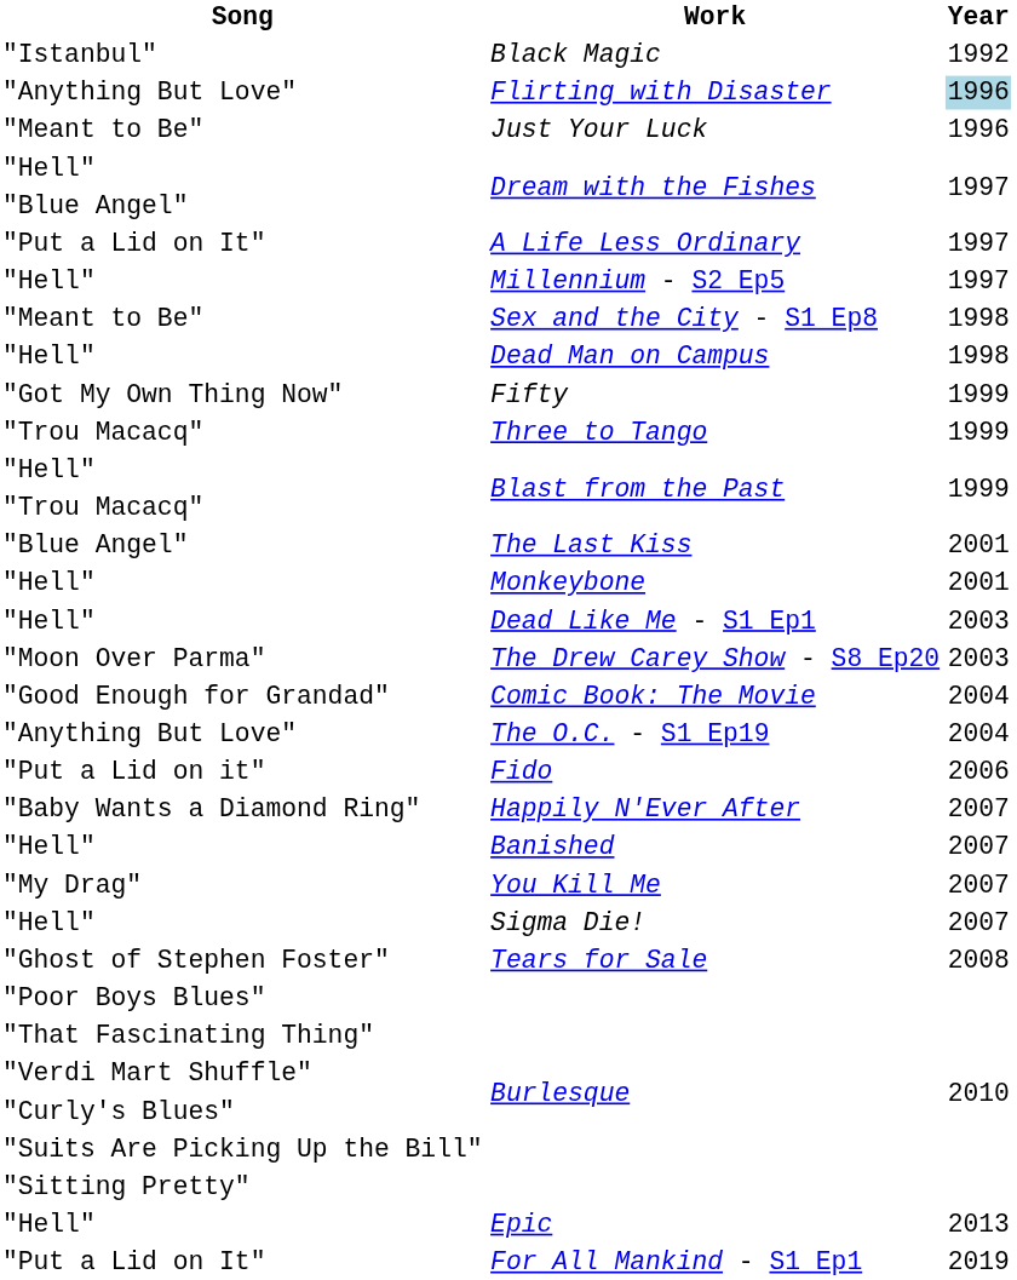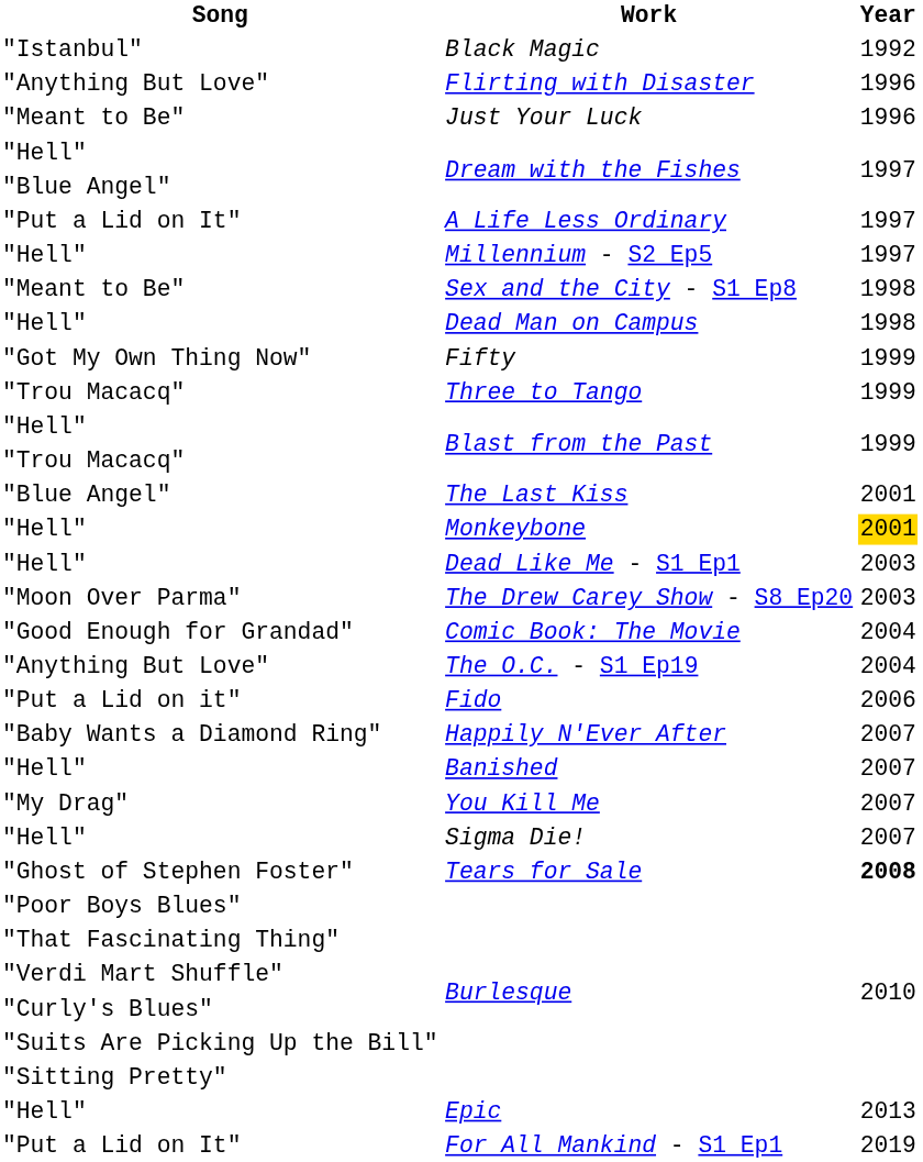 <table>
 <tr>
 <th>Song</th>
 <th>Work</th>
 <th>Year</th>
 </tr>
 <tr>
 <td>"Istanbul"</td>
 <td><em>Black Magic</em></td>
 <td>1992</td>
 </tr>
 <tr>
 <td>"Anything But Love"</td>
 <td><em><a href='#'>Flirting with Disaster</a></em></td>
-<td style="background: lightblue;">1996</td>
+<td>1996</td>
 </tr>
 <tr>
 <td>"Meant to Be"</td>
 <td><em>Just Your Luck</em></td>
 <td>1996</td>
 </tr>
 <tr>
 <td>"Hell"</td>
 <td rowspan=2><em><a href='#'>Dream with the Fishes</a></em></td>
 <td rowspan=2>1997</td>
 </tr>
 <tr>
 <td>"Blue Angel"</td>
 </tr>
 <tr>
 <td>"Put a Lid on It"</td>
 <td><em><a href='#'>A Life Less Ordinary</a></em></td>
 <td>1997</td>
 </tr>
 <tr>
 <td>"Hell"</td>
 <td><em><a href='#'>Millennium</a></em> - <a href='#'>S2 Ep5</a></td>
 <td>1997</td>
 </tr>
 <tr>
 <td>"Meant to Be"</td>
 <td><em><a href='#'>Sex and the City</a></em> - <a href='#'>S1 Ep8</a></td>
 <td>1998</td>
 </tr>
 <tr>
 <td>"Hell"</td>
 <td><em><a href='#'>Dead Man on Campus</a></em></td>
 <td>1998</td>
 </tr>
 <tr>
 <td>"Got My Own Thing Now"</td>
 <td><em>Fifty</em></td>
 <td>1999</td>
 </tr>
 <tr>
 <td>"Trou Macacq"</td>
 <td><em><a href='#'>Three to Tango</a></em></td>
 <td>1999</td>
 </tr>
 <tr>
 <td>"Hell"</td>
 <td rowspan=2><em><a href='#'>Blast from the Past</a></em></td>
 <td rowspan=2>1999</td>
 </tr>
 <tr>
 <td>"Trou Macacq"</td>
 </tr>
 <tr>
 <td>"Blue Angel"</td>
 <td><em><a href='#'>The Last Kiss</a></em></td>
 <td>2001</td>
 </tr>
 <tr>
 <td>"Hell"</td>
 <td><em><a href='#'>Monkeybone</a></em></td>
-<td>2001</td>
+<td style="background: gold;">2001</td>
 </tr>
 <tr>
 <td>"Hell"</td>
 <td><em><a href='#'>Dead Like Me</a></em> - <a href='#'>S1 Ep1</a></td>
 <td>2003</td>
 </tr>
 <tr>
 <td>"Moon Over Parma"</td>
 <td><em><a href='#'>The Drew Carey Show</a></em> - <a href='#'>S8 Ep20</a></td>
 <td>2003</td>
 </tr>
 <tr>
 <td>"Good Enough for Grandad"</td>
 <td><em><a href='#'>Comic Book: The Movie</a></em></td>
 <td>2004</td>
 </tr>
 <tr>
 <td>"Anything But Love"</td>
 <td><em><a href='#'>The O.C.</a></em> - <a href='#'>S1 Ep19</a></td>
 <td>2004</td>
 </tr>
 <tr>
 <td>"Put a Lid on it"</td>
 <td><em><a href='#'>Fido</a></em></td>
 <td>2006</td>
 </tr>
 <tr>
 <td>"Baby Wants a Diamond Ring"</td>
 <td><em><a href='#'>Happily N'Ever After</a></em></td>
 <td>2007</td>
 </tr>
 <tr>
 <td>"Hell"</td>
 <td><em><a href='#'>Banished</a></em></td>
 <td>2007</td>
 </tr>
 <tr>
 <td>"My Drag"</td>
 <td><em><a href='#'>You Kill Me</a></em></td>
 <td>2007</td>
 </tr>
 <tr>
 <td>"Hell"</td>
 <td><em>Sigma Die!</em></td>
 <td>2007</td>
 </tr>
 <tr>
 <td>"Ghost of Stephen Foster"</td>
 <td><em><a href='#'>Tears for Sale</a></em></td>
-<td>2008</td>
+<td><strong>2008</strong></td>
 </tr>
 <tr>
 <td>"Poor Boys Blues"</td>
 <td rowspan=6><em><a href='#'>Burlesque</a></em></td>
 <td rowspan=6>2010</td>
 </tr>
 <tr>
 <td>"That Fascinating Thing"</td>
 </tr>
 <tr>
 <td>"Verdi Mart Shuffle"</td>
 </tr>
 <tr>
 <td>"Curly's Blues"</td>
 </tr>
 <tr>
 <td>"Suits Are Picking Up the Bill"</td>
 </tr>
 <tr>
 <td>"Sitting Pretty"</td>
 </tr>
 <tr>
 <td>"Hell"</td>
 <td><em><a href='#'>Epic</a></em></td>
 <td>2013</td>
 </tr>
 <tr>
 <td>"Put a Lid on It"</td>
 <td><em><a href='#'>For All Mankind</a></em> - <a href='#'>S1 Ep1</a></td>
 <td>2019</td>
 </tr>
 </table>
